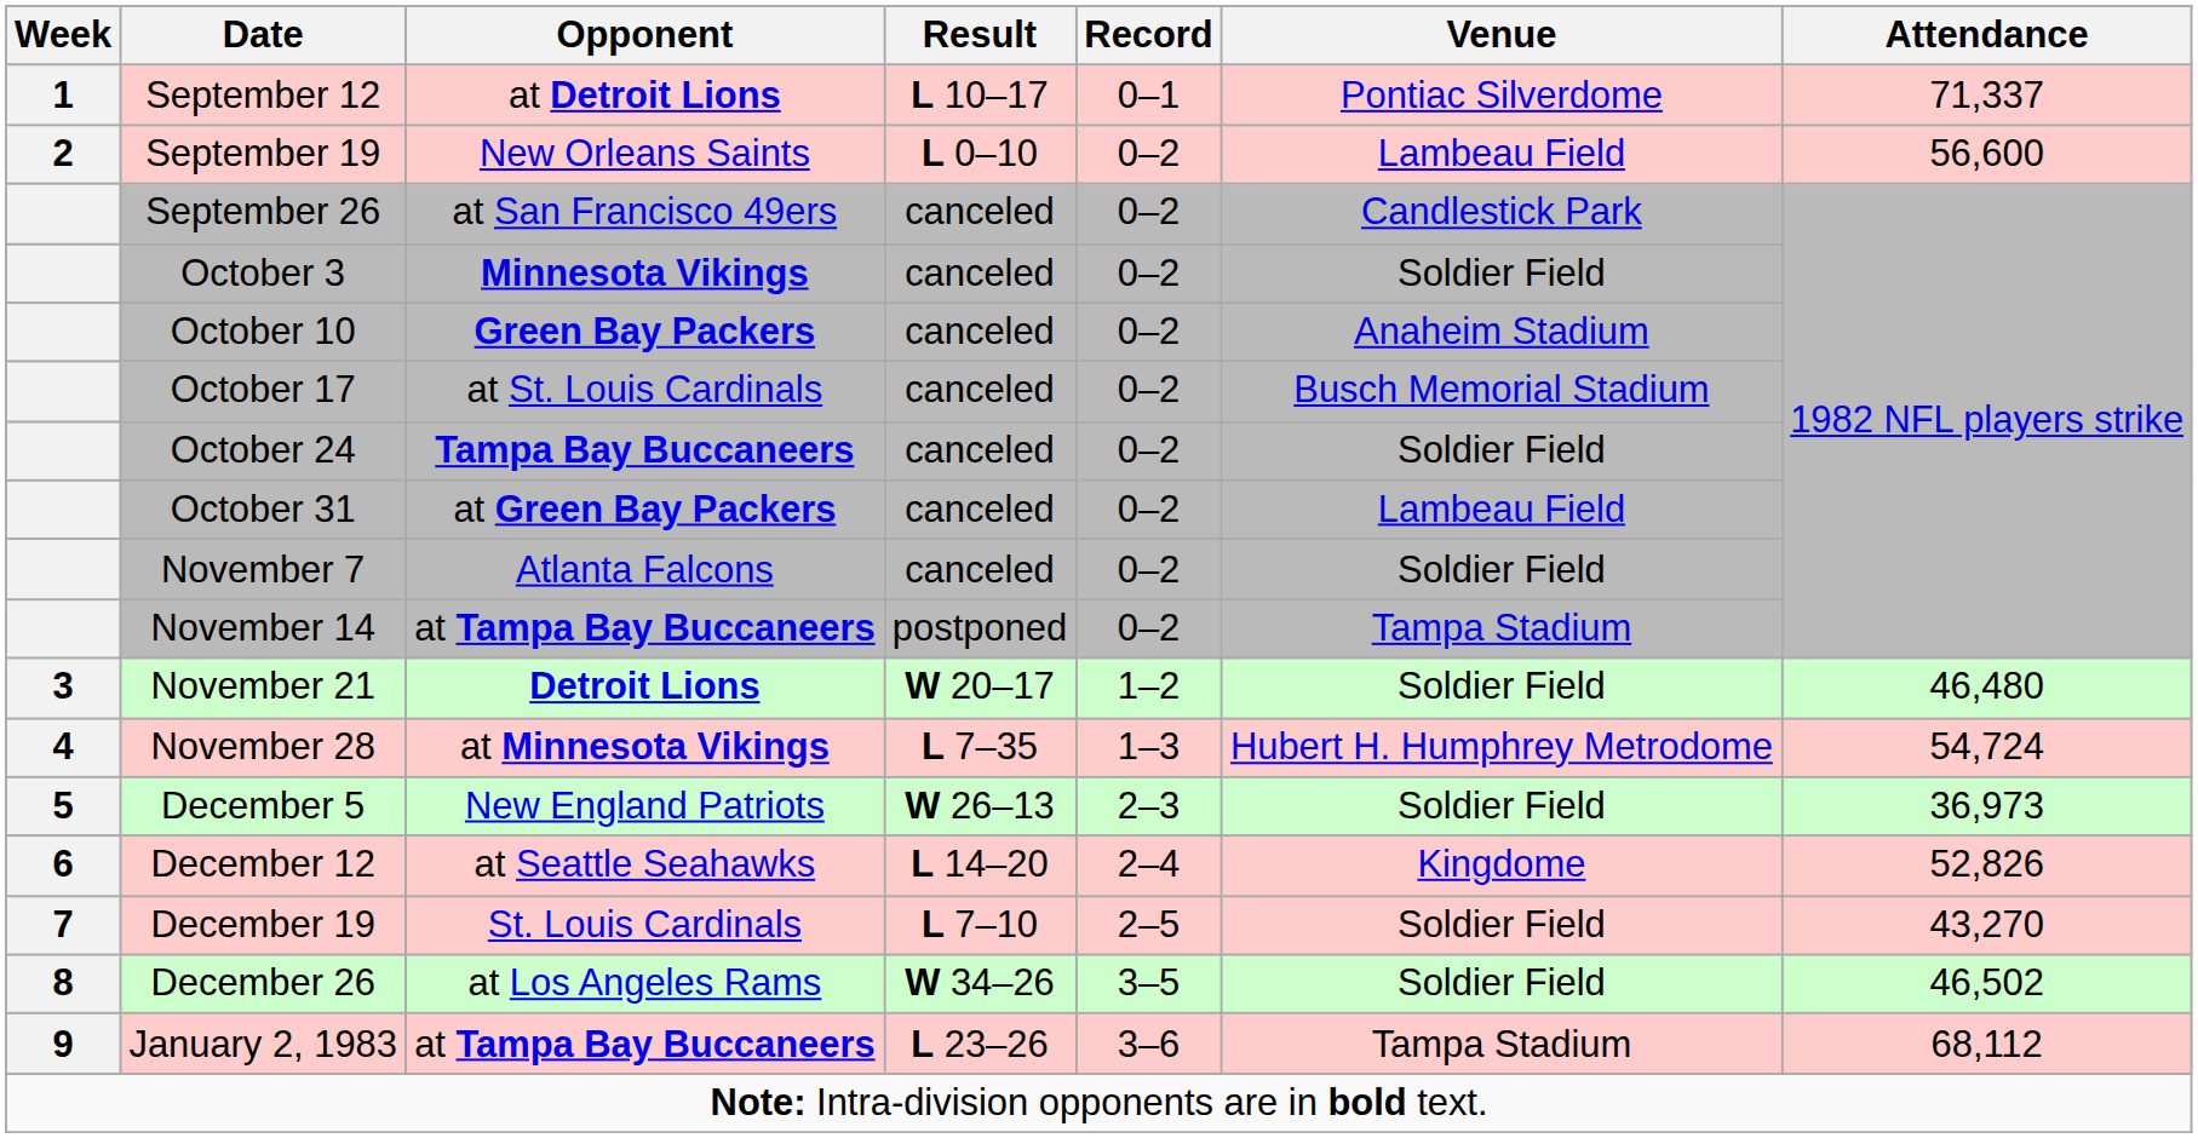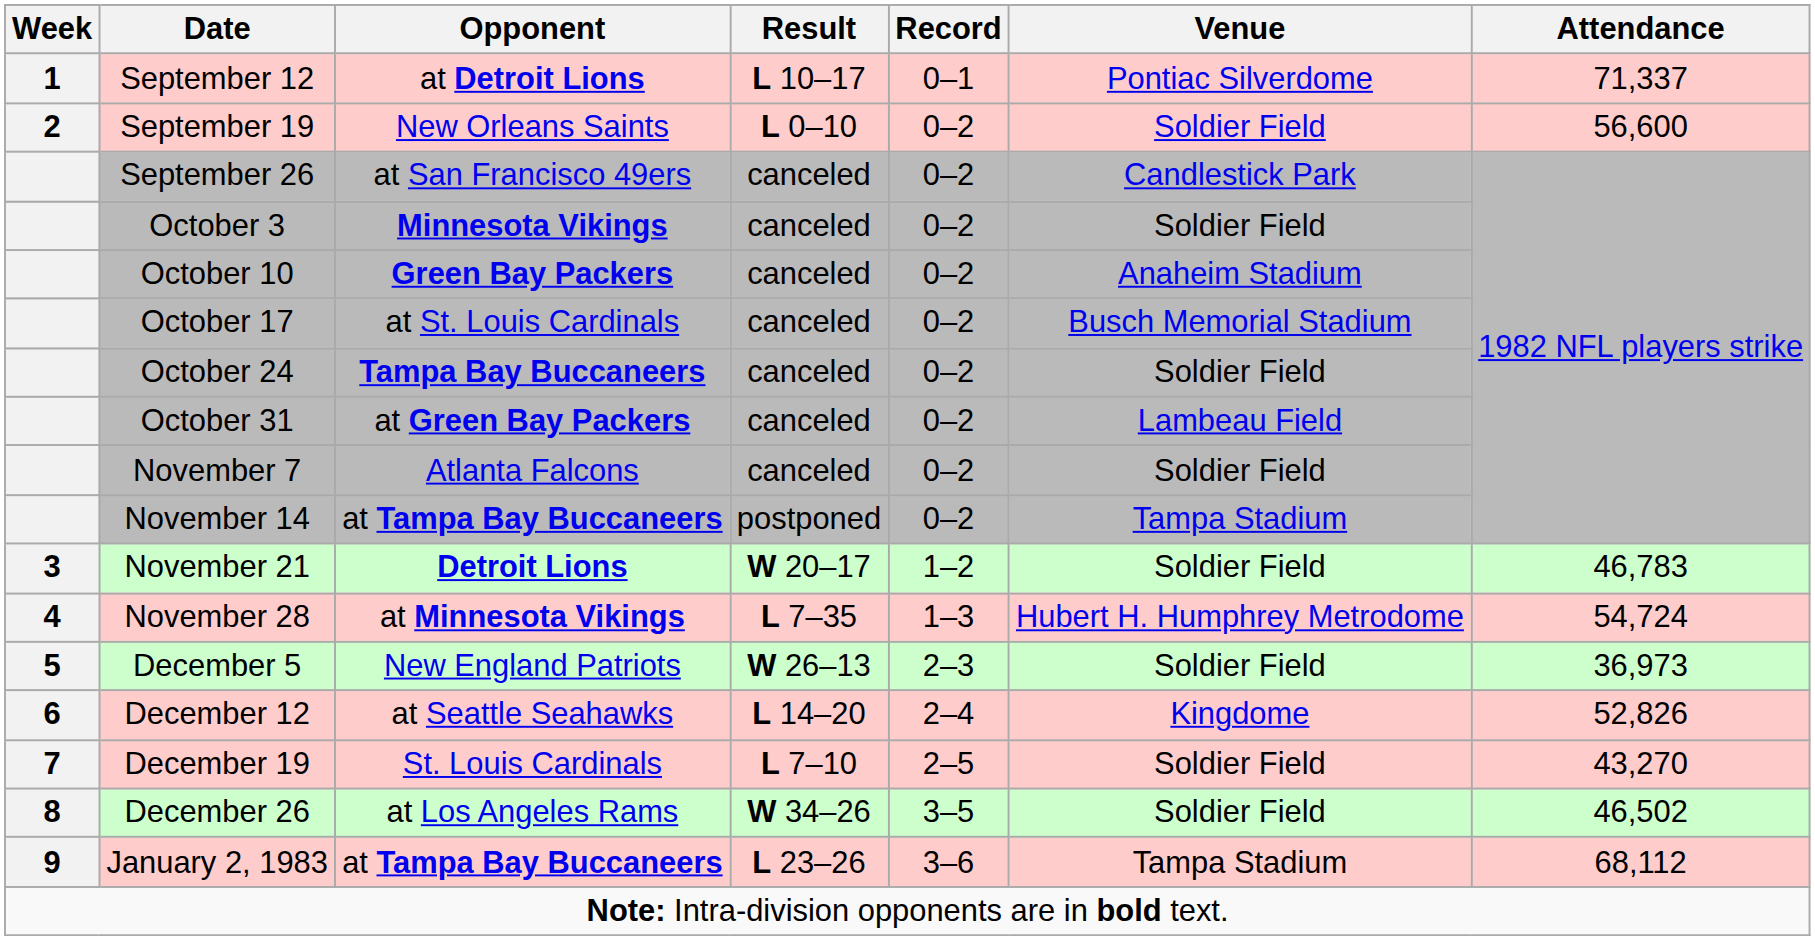 <table class="wikitable" style="text-align:center">
 <tr>
 <th>Week</th>
 <th>Date</th>
 <th>Opponent</th>
 <th>Result</th>
 <th>Record</th>
 <th>Venue</th>
 <th>Attendance</th>
 </tr>
 <tr style="background:#fcc">
 <th>1</th>
 <td>September 12</td>
 <td>at <strong><a href='#'>Detroit Lions</a></strong></td>
 <td><strong>L</strong> 10–17</td>
 <td>0–1</td>
 <td><a href='#'>Pontiac Silverdome</a></td>
 <td>71,337</td>
 </tr>
 <tr style="background:#fcc">
 <th>2</th>
 <td>September 19</td>
 <td><a href='#'>New Orleans Saints</a></td>
 <td><strong>L</strong> 0–10</td>
 <td>0–2</td>
-<td><a href='#'>Lambeau Field</a></td>
+<td><a href='#'>Soldier Field</a></td>
 <td>56,600</td>
 </tr>
 <tr style="background: #bababa">
 <th></th>
 <td>September 26</td>
 <td>at <a href='#'>San Francisco 49ers</a></td>
 <td>canceled</td>
 <td>0–2</td>
 <td><a href='#'>Candlestick Park</a></td>
 <td rowspan="8"><a href='#'>1982 NFL players strike</a></td>
 </tr>
 <tr style="background: #bababa">
 <th></th>
 <td>October 3</td>
 <td><strong><a href='#'>Minnesota Vikings</a></strong></td>
 <td>canceled</td>
 <td>0–2</td>
 <td>Soldier Field</td>
 </tr>
 <tr style="background: #bababa">
 <th></th>
 <td>October 10</td>
 <td><strong><a href='#'>Green Bay Packers</a></strong></td>
 <td>canceled</td>
 <td>0–2</td>
 <td><a href='#'>Anaheim Stadium</a></td>
 </tr>
 <tr style="background: #bababa">
 <th></th>
 <td>October 17</td>
 <td>at <a href='#'>St. Louis Cardinals</a></td>
 <td>canceled</td>
 <td>0–2</td>
 <td><a href='#'>Busch Memorial Stadium</a></td>
 </tr>
 <tr style="background: #bababa">
 <th></th>
 <td>October 24</td>
 <td><strong><a href='#'>Tampa Bay Buccaneers</a></strong></td>
 <td>canceled</td>
 <td>0–2</td>
 <td>Soldier Field</td>
 </tr>
 <tr style="background: #bababa">
 <th></th>
 <td>October 31</td>
 <td>at <strong><a href='#'>Green Bay Packers</a></strong></td>
 <td>canceled</td>
 <td>0–2</td>
 <td><a href='#'>Lambeau Field</a></td>
 </tr>
 <tr style="background: #bababa">
 <th></th>
 <td>November 7</td>
 <td><a href='#'>Atlanta Falcons</a></td>
 <td>canceled</td>
 <td>0–2</td>
 <td>Soldier Field</td>
 </tr>
 <tr style="background: #bababa">
 <th></th>
 <td>November 14</td>
 <td>at <strong><a href='#'>Tampa Bay Buccaneers</a></strong></td>
 <td>postponed</td>
 <td>0–2</td>
 <td><a href='#'>Tampa Stadium</a></td>
 </tr>
 <tr style="background:#cfc">
 <th>3</th>
 <td>November 21</td>
 <td><strong><a href='#'>Detroit Lions</a></strong></td>
 <td><strong>W</strong> 20–17</td>
 <td>1–2</td>
 <td>Soldier Field</td>
-<td>46,480</td>
+<td>46,783</td>
 </tr>
 <tr style="background:#fcc">
 <th>4</th>
 <td>November 28</td>
 <td>at <strong><a href='#'>Minnesota Vikings</a></strong></td>
 <td><strong>L</strong> 7–35</td>
 <td>1–3</td>
 <td><a href='#'>Hubert H. Humphrey Metrodome</a></td>
 <td>54,724</td>
 </tr>
 <tr style="background:#cfc">
 <th>5</th>
 <td>December 5</td>
 <td><a href='#'>New England Patriots</a></td>
 <td><strong>W</strong> 26–13</td>
 <td>2–3</td>
 <td>Soldier Field</td>
 <td>36,973</td>
 </tr>
 <tr style="background:#fcc">
 <th>6</th>
 <td>December 12</td>
 <td>at <a href='#'>Seattle Seahawks</a></td>
 <td><strong>L</strong> 14–20</td>
 <td>2–4</td>
 <td><a href='#'>Kingdome</a></td>
 <td>52,826</td>
 </tr>
 <tr style="background:#fcc">
 <th>7</th>
 <td>December 19</td>
 <td><a href='#'>St. Louis Cardinals</a></td>
 <td><strong>L</strong> 7–10</td>
 <td>2–5</td>
 <td>Soldier Field</td>
 <td>43,270</td>
 </tr>
 <tr style="background:#cfc">
 <th>8</th>
 <td>December 26</td>
 <td>at <a href='#'>Los Angeles Rams</a></td>
 <td><strong>W</strong> 34–26</td>
 <td>3–5</td>
 <td>Soldier Field</td>
 <td>46,502</td>
 </tr>
 <tr style="background:#fcc">
 <th>9</th>
 <td>January 2, 1983</td>
 <td>at <strong><a href='#'>Tampa Bay Buccaneers</a></strong></td>
 <td><strong>L</strong> 23–26 </td>
 <td>3–6</td>
 <td>Tampa Stadium</td>
 <td>68,112</td>
 </tr>
 <tr>
 <td colspan="8"><strong>Note:</strong> Intra-division opponents are in <strong>bold</strong> text.</td>
 </tr>
 </table>
